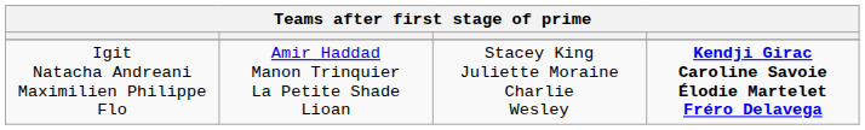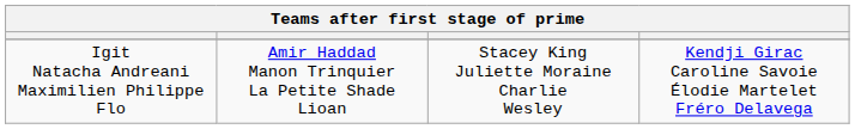 <table class="wikitable" text=align:center>
 <tr>
 <th colspan=4 style="width:95%;">Teams after first stage of prime</th>
 </tr>
 <tr>
 <th style="width:23%;" scope="col"></th>
 <th style="width:23%;" scope="col"></th>
 <th style="width:23%;" scope="col"></th>
 <th style="width:23%;" scope="col"></th>
 </tr>
 <tr>
 </tr>
 <tr align="center" valign="top">
 <td>Igit<br>Natacha Andreani<br>Maximilien Philippe<br>Flo</td>
 <td><a href='#'>Amir Haddad</a><br>Manon Trinquier<br>La Petite Shade<br>Lioan</td>
 <td>Stacey King<br>Juliette Moraine<br>Charlie<br>Wesley</td>
-<td><strong><a href='#'>Kendji Girac</a><br>Caroline Savoie<br>Élodie Martelet<br><a href='#'>Fréro Delavega</a></strong></td>
+<td><a href='#'>Kendji Girac</a><br>Caroline Savoie<br>Élodie Martelet<br><a href='#'>Fréro Delavega</a></td>
 </tr>
 </table>
